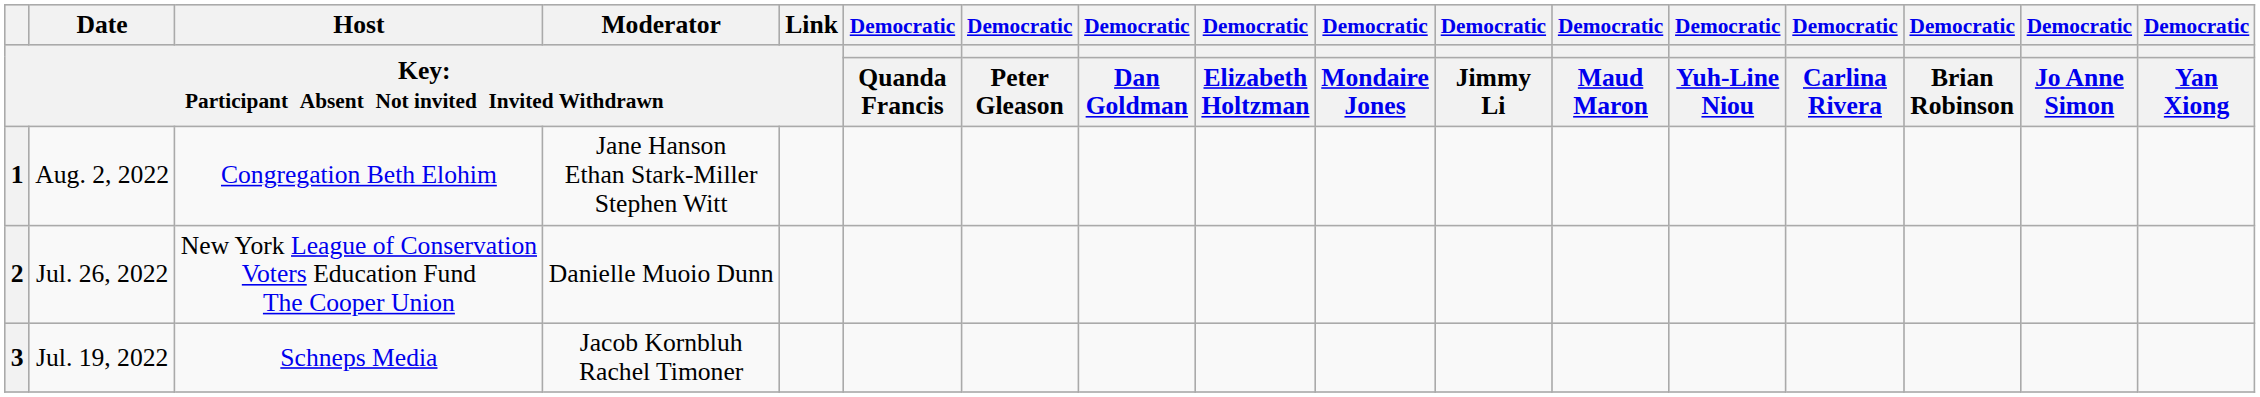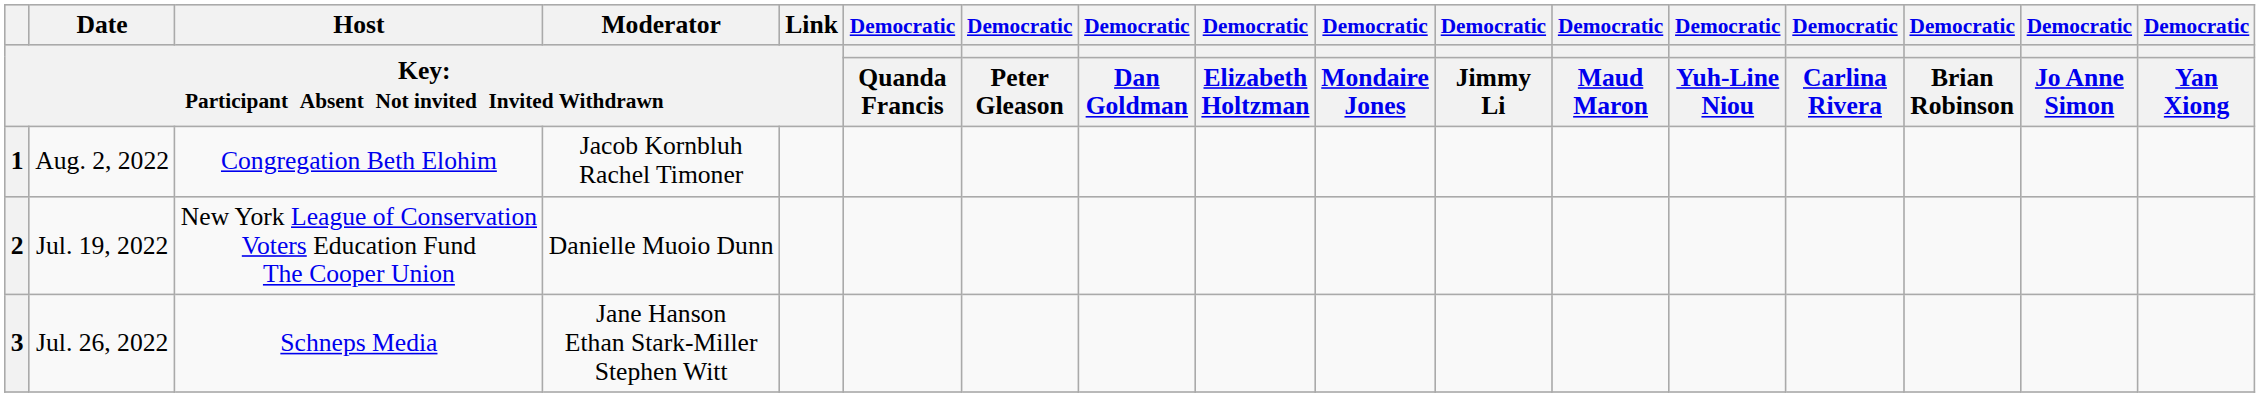 <table class="wikitable" style="text-align:center;">
 <tr>
 <th scope="col"></th>
 <th scope="col">Date</th>
 <th scope="col">Host</th>
 <th scope="col">Moderator</th>
 <th scope="col">Link</th>
 <th scope="col"><small><a href='#'>Democratic</a></small></th>
 <th scope="col"><small><a href='#'>Democratic</a></small></th>
 <th scope="col"><small><a href='#'>Democratic</a></small></th>
 <th scope="col"><small><a href='#'>Democratic</a></small></th>
 <th scope="col"><small><a href='#'>Democratic</a></small></th>
 <th scope="col"><small><a href='#'>Democratic</a></small></th>
 <th scope="col"><small><a href='#'>Democratic</a></small></th>
 <th scope="col"><small><a href='#'>Democratic</a></small></th>
 <th scope="col"><small><a href='#'>Democratic</a></small></th>
 <th scope="col"><small><a href='#'>Democratic</a></small></th>
 <th scope="col"><small><a href='#'>Democratic</a></small></th>
 <th scope="col"><small><a href='#'>Democratic</a></small></th>
 </tr>
 <tr>
 <th colspan="5" rowspan="2">Key:<br> <small>Participant </small>  <small>Absent </small>  <small>Not invited </small>  <small>Invited  Withdrawn</small></th>
 <th scope="col" style="background:"></th>
 <th scope="col" style="background:"></th>
 <th scope="col" style="background:"></th>
 <th scope="col" style="background:"></th>
 <th scope="col" style="background:"></th>
 <th scope="col" style="background:"></th>
 <th scope="col" style="background:"></th>
 <th scope="col" style="background:"></th>
 <th scope="col" style="background:"></th>
 <th scope="col" style="background:"></th>
 <th scope="col" style="background:"></th>
 <th scope="col" style="background:"></th>
 </tr>
 <tr>
 <th scope="col">Quanda Francis</th>
 <th scope="col">Peter Gleason</th>
 <th scope="col"><a href='#'>Dan Goldman</a></th>
 <th scope="col"><a href='#'>Elizabeth Holtzman</a></th>
 <th scope="col"><a href='#'>Mondaire Jones</a></th>
 <th scope="col">Jimmy Li</th>
 <th scope="col"><a href='#'>Maud Maron</a></th>
 <th scope="col"><a href='#'>Yuh-Line Niou</a></th>
 <th scope="col"><a href='#'>Carlina Rivera</a></th>
 <th scope="col">Brian Robinson</th>
 <th scope="col"><a href='#'>Jo Anne Simon</a></th>
 <th scope="col"><a href='#'>Yan Xiong</a></th>
 </tr>
 <tr>
 <th>1</th>
 <td style="white-space:nowrap;">Aug. 2, 2022</td>
 <td style="white-space:nowrap;"><a href='#'>Congregation Beth Elohim</a></td>
-<td style="white-space:nowrap;">Jane Hanson<br>Ethan Stark-Miller<br>Stephen Witt</td>
+<td style="white-space:nowrap;">Jacob Kornbluh<br>Rachel Timoner</td>
 <td style="white-space:nowrap;"></td>
 <td></td>
 <td></td>
 <td></td>
 <td></td>
 <td></td>
 <td></td>
 <td></td>
 <td></td>
 <td></td>
 <td></td>
 <td></td>
 <td></td>
 </tr>
 <tr>
 <th>2</th>
-<td style="white-space:nowrap;">Jul. 26, 2022</td>
+<td style="white-space:nowrap;">Jul. 19, 2022</td>
 <td style="white-space:nowrap;">New York <a href='#'>League of Conservation</a><br><a href='#'>Voters</a> Education Fund<br><a href='#'>The Cooper Union</a></td>
 <td style="white-space:nowrap;">Danielle Muoio Dunn</td>
 <td style="white-space:nowrap;"></td>
 <td></td>
 <td></td>
 <td></td>
 <td></td>
 <td></td>
 <td></td>
 <td></td>
 <td></td>
 <td></td>
 <td></td>
 <td></td>
 <td></td>
 </tr>
 <tr>
 <th>3</th>
-<td style="white-space:nowrap;">Jul. 19, 2022</td>
+<td style="white-space:nowrap;">Jul. 26, 2022</td>
 <td style="white-space:nowrap;"><a href='#'>Schneps Media</a></td>
-<td style="white-space:nowrap;">Jacob Kornbluh<br>Rachel Timoner</td>
+<td style="white-space:nowrap;">Jane Hanson<br>Ethan Stark-Miller<br>Stephen Witt</td>
 <td style="white-space:nowrap;"></td>
 <td></td>
 <td></td>
 <td></td>
 <td></td>
 <td></td>
 <td></td>
 <td></td>
 <td></td>
 <td></td>
 <td></td>
 <td></td>
 <td></td>
 </tr>
 </table>
